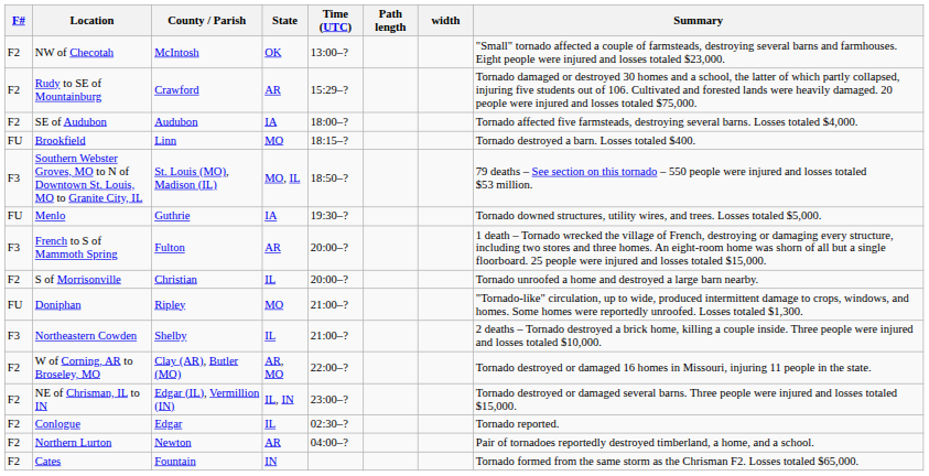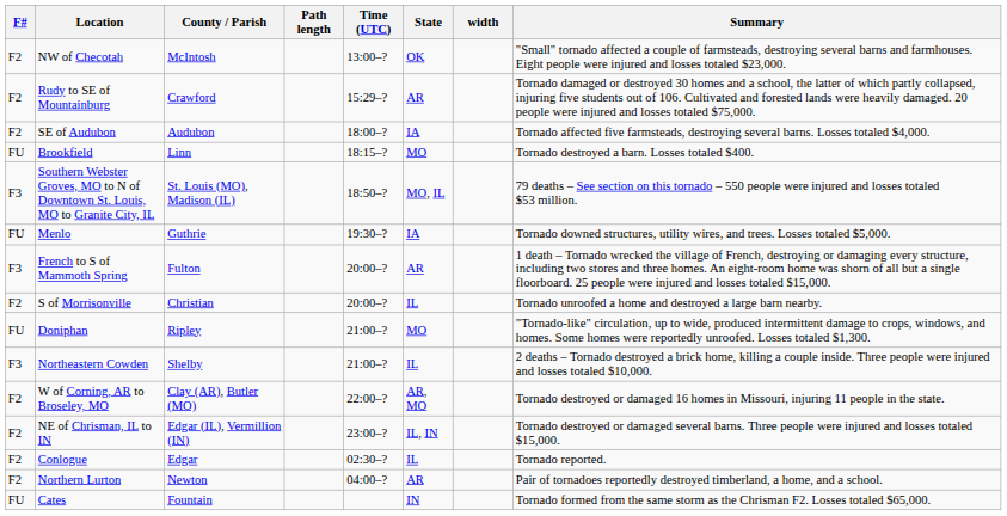 <table class="wikitable sortable" style="width:100%;">
 <tr>
 <th scope="col"  style="width:3%; text-align:center;"><a href='#'>F#</a></th>
 <th scope="col"  style="width:13%; text-align:center;" class="unsortable">Location</th>
 <th scope="col"  style="width:12%; text-align:center;" class="unsortable">County / Parish</th>
+<th scope="col"  style="width:6%; text-align:center;">Path length</th>
+<th scope="col"  style="width:6%; text-align:center;">Time (<a href='#'>UTC</a>)</th>
 <th scope="col"  style="width:5%; text-align:center;">State</th>
-<th scope="col"  style="width:6%; text-align:center;">Time (<a href='#'>UTC</a>)</th>
-<th scope="col"  style="width:6%; text-align:center;">Path length</th>
 <th scope="col"  style="width:6%; text-align:center;"> width</th>
 <th scope="col"  style="width:49%; text-align:center;" class="unsortable">Summary</th>
 </tr>
 <tr>
 <td>F2</td>
 <td>NW of <a href='#'>Checotah</a></td>
 <td><a href='#'>McIntosh</a></td>
+<td></td>
+<td>13:00–?</td>
 <td><a href='#'>OK</a></td>
-<td>13:00–?</td>
-<td></td>
 <td></td>
 <td>"Small" tornado affected a couple of farmsteads, destroying several barns and farmhouses. Eight people were injured and losses totaled $23,000.</td>
 </tr>
 <tr>
 <td>F2</td>
 <td><a href='#'>Rudy</a> to SE of <a href='#'>Mountainburg</a></td>
 <td><a href='#'>Crawford</a></td>
+<td></td>
+<td>15:29–?</td>
 <td><a href='#'>AR</a></td>
-<td>15:29–?</td>
-<td></td>
 <td></td>
 <td>Tornado damaged or destroyed 30 homes and a school, the latter of which partly collapsed, injuring five students out of 106. Cultivated and forested lands were heavily damaged. 20 people were injured and losses totaled $75,000.</td>
 </tr>
 <tr>
 <td>F2</td>
 <td>SE of <a href='#'>Audubon</a></td>
 <td><a href='#'>Audubon</a></td>
+<td></td>
+<td>18:00–?</td>
 <td><a href='#'>IA</a></td>
-<td>18:00–?</td>
-<td></td>
 <td></td>
 <td>Tornado affected five farmsteads, destroying several barns. Losses totaled $4,000.</td>
 </tr>
 <tr>
 <td>FU</td>
 <td><a href='#'>Brookfield</a></td>
 <td><a href='#'>Linn</a></td>
+<td></td>
+<td>18:15–?</td>
 <td><a href='#'>MO</a></td>
-<td>18:15–?</td>
-<td></td>
 <td></td>
 <td>Tornado destroyed a barn. Losses totaled $400.</td>
 </tr>
 <tr>
 <td>F3</td>
 <td><a href='#'>Southern Webster Groves, MO</a> to N of <a href='#'>Downtown St. Louis, MO</a> to <a href='#'>Granite City, IL</a></td>
 <td><a href='#'>St. Louis (MO)</a>, <a href='#'>Madison (IL)</a></td>
+<td></td>
+<td>18:50–?</td>
 <td><a href='#'>MO</a>, <a href='#'>IL</a></td>
-<td>18:50–?</td>
-<td></td>
 <td></td>
 <td>79 deaths – <a href='#'>See section on this tornado</a> – 550 people were injured and losses totaled $53 million.</td>
 </tr>
 <tr>
 <td>FU</td>
 <td><a href='#'>Menlo</a></td>
 <td><a href='#'>Guthrie</a></td>
+<td></td>
+<td>19:30–?</td>
 <td><a href='#'>IA</a></td>
-<td>19:30–?</td>
-<td></td>
 <td></td>
 <td>Tornado downed structures, utility wires, and trees. Losses totaled $5,000.</td>
 </tr>
 <tr>
 <td>F3</td>
 <td><a href='#'>French</a> to S of <a href='#'>Mammoth Spring</a></td>
 <td><a href='#'>Fulton</a></td>
+<td></td>
+<td>20:00–?</td>
 <td><a href='#'>AR</a></td>
-<td>20:00–?</td>
-<td></td>
 <td></td>
 <td>1 death – Tornado wrecked the village of French, destroying or damaging every structure, including two stores and three homes. An eight-room home was shorn of all but a single floorboard. 25 people were injured and losses totaled $15,000.</td>
 </tr>
 <tr>
 <td>F2</td>
 <td>S of <a href='#'>Morrisonville</a></td>
 <td><a href='#'>Christian</a></td>
+<td></td>
+<td>20:00–?</td>
 <td><a href='#'>IL</a></td>
-<td>20:00–?</td>
-<td></td>
 <td></td>
 <td>Tornado unroofed a home and destroyed a large barn nearby.</td>
 </tr>
 <tr>
 <td>FU</td>
 <td><a href='#'>Doniphan</a></td>
 <td><a href='#'>Ripley</a></td>
+<td></td>
+<td>21:00–?</td>
 <td><a href='#'>MO</a></td>
-<td>21:00–?</td>
-<td></td>
 <td></td>
 <td>"Tornado-like" circulation, up to  wide, produced intermittent damage to crops, windows, and homes. Some homes were reportedly unroofed. Losses totaled $1,300.</td>
 </tr>
 <tr>
 <td>F3</td>
 <td><a href='#'>Northeastern Cowden</a></td>
 <td><a href='#'>Shelby</a></td>
+<td></td>
+<td>21:00–?</td>
 <td><a href='#'>IL</a></td>
-<td>21:00–?</td>
-<td></td>
 <td></td>
 <td>2 deaths – Tornado destroyed a brick home, killing a couple inside. Three people were injured and losses totaled $10,000.</td>
 </tr>
 <tr>
 <td>F2</td>
 <td>W of <a href='#'>Corning, AR</a> to <a href='#'>Broseley, MO</a></td>
 <td><a href='#'>Clay (AR)</a>, <a href='#'>Butler (MO)</a></td>
+<td></td>
+<td>22:00–?</td>
 <td><a href='#'>AR</a>, <a href='#'>MO</a></td>
-<td>22:00–?</td>
-<td></td>
 <td></td>
 <td>Tornado destroyed or damaged 16 homes in Missouri, injuring 11 people in the state.</td>
 </tr>
 <tr>
 <td>F2</td>
 <td>NE of <a href='#'>Chrisman, IL</a> to <a href='#'>IN</a></td>
 <td><a href='#'>Edgar (IL)</a>, <a href='#'>Vermillion (IN)</a></td>
+<td></td>
+<td>23:00–?</td>
 <td><a href='#'>IL</a>, <a href='#'>IN</a></td>
-<td>23:00–?</td>
-<td></td>
 <td></td>
 <td>Tornado destroyed or damaged several barns. Three people were injured and losses totaled $15,000.</td>
 </tr>
 <tr>
 <td>F2</td>
 <td><a href='#'>Conlogue</a></td>
 <td><a href='#'>Edgar</a></td>
+<td></td>
+<td>02:30–?</td>
 <td><a href='#'>IL</a></td>
-<td>02:30–?</td>
-<td></td>
 <td></td>
 <td>Tornado reported.</td>
 </tr>
 <tr>
 <td>F2</td>
 <td><a href='#'>Northern Lurton</a></td>
 <td><a href='#'>Newton</a></td>
+<td></td>
+<td>04:00–?</td>
 <td><a href='#'>AR</a></td>
-<td>04:00–?</td>
-<td></td>
 <td></td>
 <td>Pair of tornadoes reportedly destroyed timberland, a home, and a school.</td>
 </tr>
 <tr>
-<td>F2</td>
+<td>FU</td>
 <td><a href='#'>Cates</a></td>
 <td><a href='#'>Fountain</a></td>
-<td><a href='#'>IN</a></td>
 <td></td>
 <td></td>
+<td><a href='#'>IN</a></td>
 <td></td>
 <td>Tornado formed from the same storm as the Chrisman F2. Losses totaled $65,000.</td>
 </tr>
 </table>
